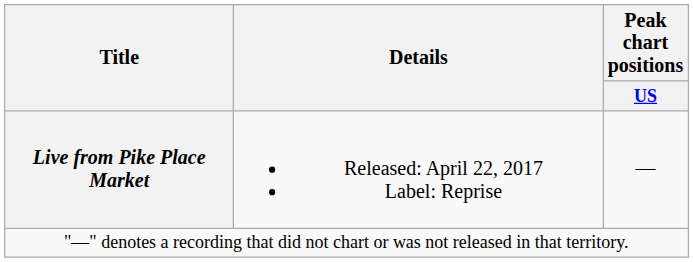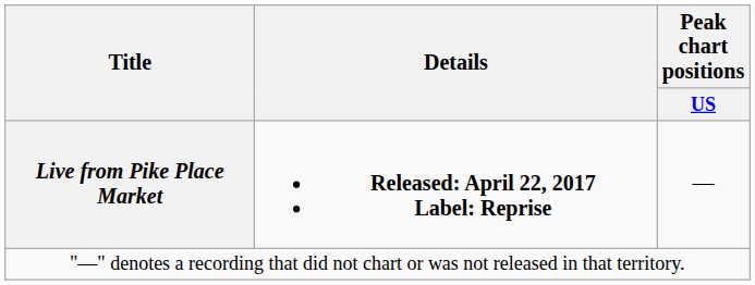 <table class="wikitable plainrowheaders" style="text-align:center;">
 <tr>
 <th scope="col" rowspan="2" style="width:11em;">Title</th>
 <th scope="col" rowspan="2" style="width:18em;">Details</th>
 <th scope="col" colspan="1">Peak chart positions</th>
 </tr>
 <tr>
 <th scope="col" style="width:3em;font-size:90%;"><a href='#'>US</a><br></th>
 </tr>
 <tr>
 <th scope="row"><em>Live from Pike Place Market</em></th>
-<td><br><ul><li>Released: April 22, 2017</li><li>Label: Reprise</li></ul></td>
+<td><strong><br><ul><li>Released: April 22, 2017</li><li>Label: Reprise</li></ul></strong></td>
 <td>—</td>
 </tr>
 <tr>
 <td colspan="12" style="font-size:90%">"—" denotes a recording that did not chart or was not released in that territory.</td>
 </tr>
 </table>
